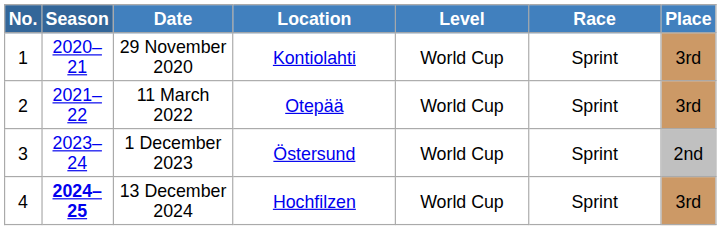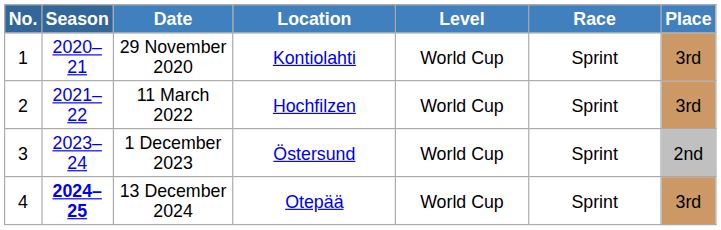 <table class="wikitable sortable" style="font-size:95%; text-align:center; border:grey solid 1px; border-collapse:collapse; background:#ffffff;">
 <tr style="background:#efefef;">
 <th style="background-color:#369; color:white;">No.</th>
 <th style="background-color:#369; color:white;">Season</th>
 <th style="background-color:#4180be; color:white; width:120px;">Date</th>
 <th style="background-color:#4180be; color:white; width:190px;">Location</th>
 <th style="background-color:#4180be; color:white; width:170px;">Level</th>
 <th style="background-color:#4180be; color:white; width:170px;">Race</th>
 <th style="background-color:#4180be; color:white;">Place</th>
 </tr>
 <tr>
 <td align=center>1</td>
 <td rowspan="1" align="center"><a href='#'>2020–21</a></td>
 <td>29 November 2020</td>
 <td> <a href='#'>Kontiolahti</a></td>
 <td>World Cup</td>
 <td>Sprint</td>
 <td align=center bgcolor="cc9966">3rd</td>
 </tr>
 <tr>
 <td align=center>2</td>
 <td rowspan="1" align="center"><a href='#'>2021–22</a></td>
 <td>11 March 2022</td>
-<td> <a href='#'>Otepää</a></td>
+<td> <a href='#'>Hochfilzen</a></td>
 <td>World Cup</td>
 <td>Sprint</td>
 <td align=center bgcolor="cc9966">3rd</td>
 </tr>
 <tr>
 <td align=center>3</td>
 <td rowspan="1" align="center"><a href='#'>2023–24</a></td>
 <td>1 December 2023</td>
 <td> <a href='#'>Östersund</a></td>
 <td>World Cup</td>
 <td>Sprint</td>
 <td align=center bgcolor="silver">2nd</td>
 </tr>
 <tr>
 <td align=center>4</td>
 <td rowspan="1" align="center"><strong><a href='#'>2024–25</a></strong></td>
 <td>13 December 2024</td>
-<td> <a href='#'>Hochfilzen</a></td>
+<td> <a href='#'>Otepää</a></td>
 <td>World Cup</td>
 <td>Sprint</td>
 <td align=center bgcolor="#c96">3rd</td>
 </tr>
 </table>
